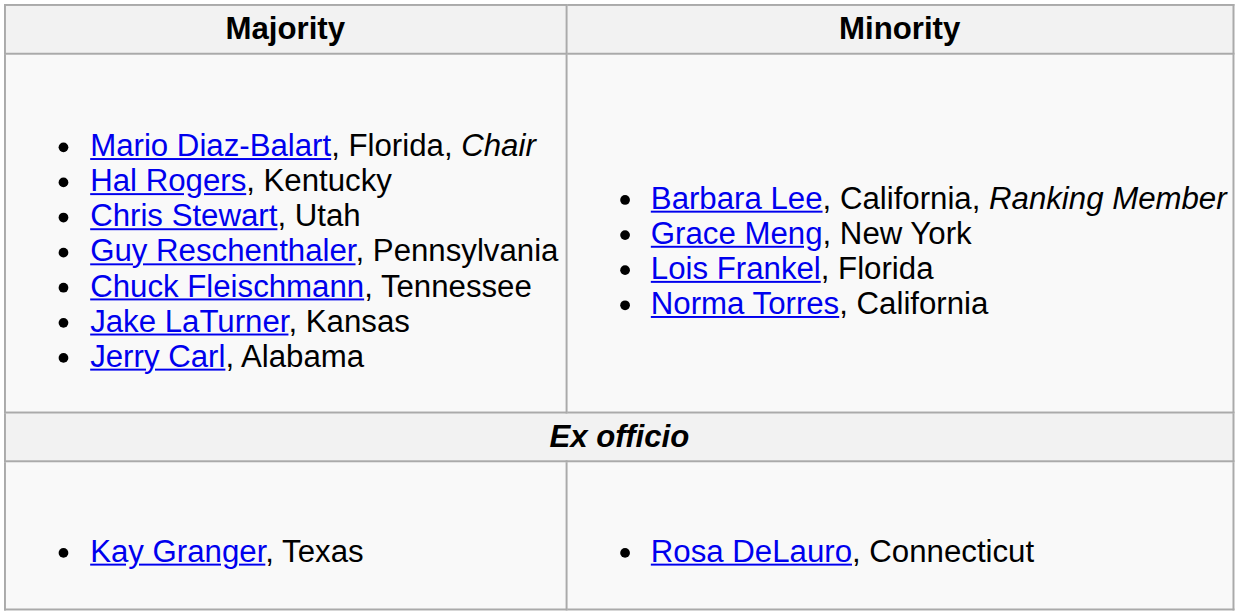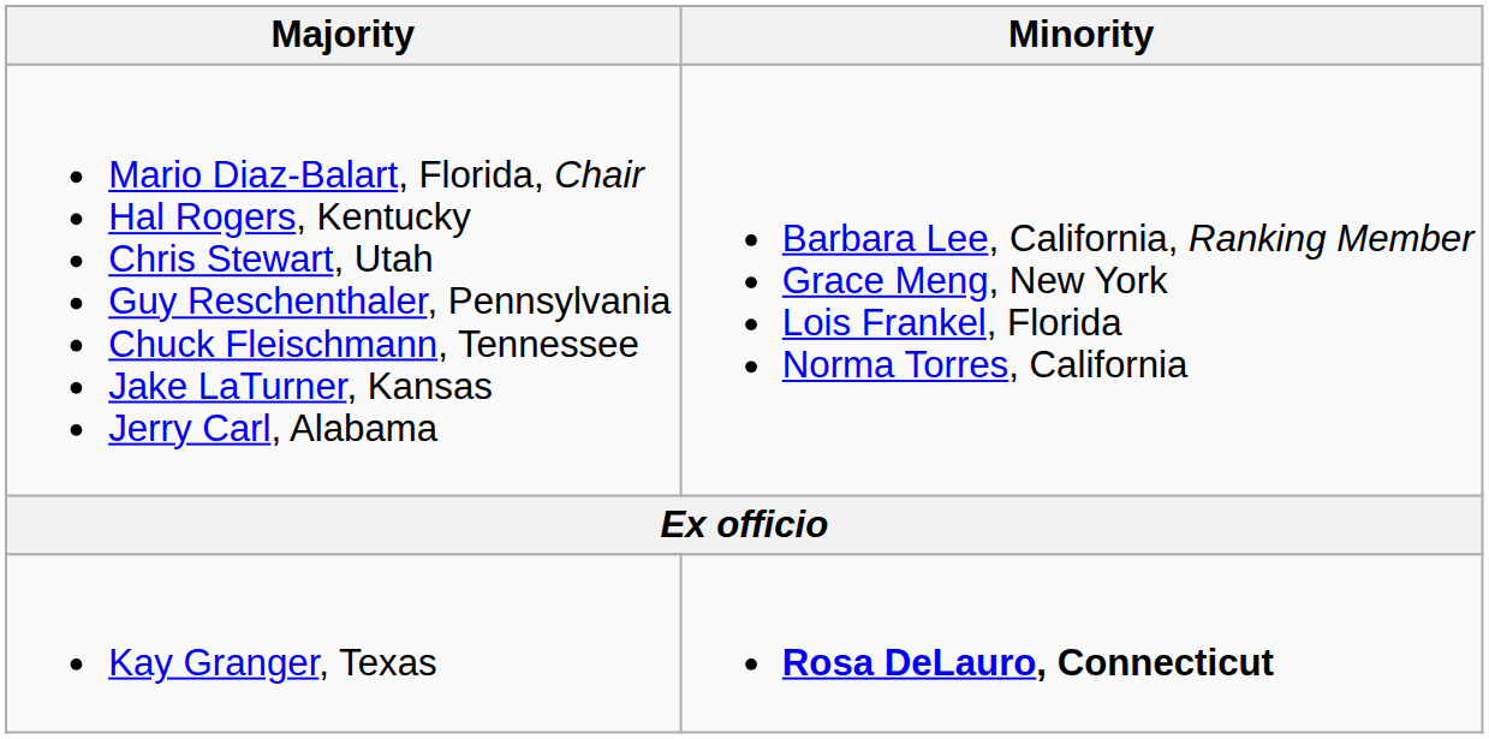 <table class=wikitable>
 <tr>
 <th>Majority</th>
 <th>Minority</th>
 </tr>
 <tr>
 <td><br><ul><li><a href='#'>Mario Diaz-Balart</a>, Florida, <em>Chair</em></li><li><a href='#'>Hal Rogers</a>, Kentucky</li><li><a href='#'>Chris Stewart</a>, Utah</li><li><a href='#'>Guy Reschenthaler</a>, Pennsylvania</li><li><a href='#'>Chuck Fleischmann</a>, Tennessee</li><li><a href='#'>Jake LaTurner</a>, Kansas</li><li><a href='#'>Jerry Carl</a>, Alabama</li></ul></td>
 <td><br><ul><li><a href='#'>Barbara Lee</a>, California, <em>Ranking Member</em></li><li><a href='#'>Grace Meng</a>, New York</li><li><a href='#'>Lois Frankel</a>, Florida</li><li><a href='#'>Norma Torres</a>, California</li></ul></td>
 </tr>
 <tr>
 <th colspan=2><em>Ex officio</em></th>
 </tr>
 <tr>
 <td><br><ul><li><a href='#'>Kay Granger</a>, Texas</li></ul></td>
-<td><br><ul><li><a href='#'>Rosa DeLauro</a>, Connecticut</li></ul></td>
+<td><strong><br><ul><li><a href='#'>Rosa DeLauro</a>, Connecticut</li></ul></strong></td>
 </tr>
 </table>
